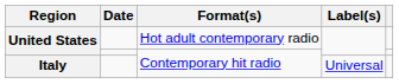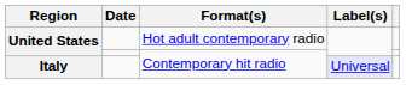 <table class="wikitable plainrowheaders">
 <tr>
 <th scope="col">Region</th>
 <th scope="col">Date</th>
 <th scope="col">Format(s)</th>
 <th scope="col">Label(s)</th>
 <th scope="col"></th>
 </tr>
 <tr>
 <th scope="row" rowspan="2">United States</th>
 <td></td>
 <td><a href='#'>Hot adult contemporary</a> radio</td>
 <td rowspan="2"></td>
 <td></td>
 </tr>
 <tr>
 <td></td>
 <td rowspan="2"><a href='#'>Contemporary hit radio</a></td>
 <td></td>
 </tr>
 <tr>
 <th scope="row" rowspan="2">Italy</th>
 <td></td>
-<td><a href='#'>Universal</a></td>
+<td style="background: lavender;"><a href='#'>Universal</a></td>
 <td></td>
 </tr>
 </table>
